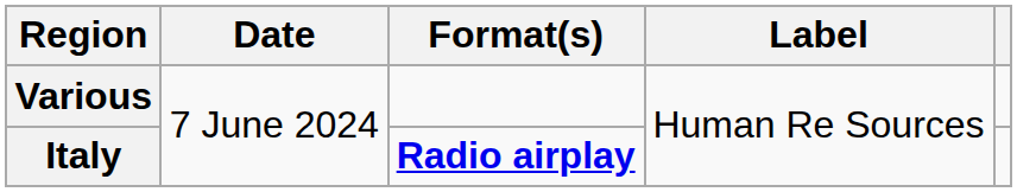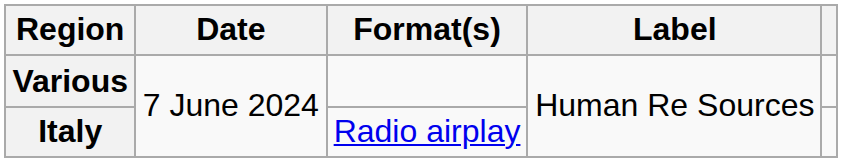 <table class="wikitable plainrowheaders">
 <tr>
 <th scope="col">Region</th>
 <th scope="col">Date</th>
 <th scope="col">Format(s)</th>
 <th scope="col">Label</th>
 <th scope="col"></th>
 </tr>
 <tr>
 <th scope="row">Various</th>
 <td rowspan="2">7 June 2024</td>
 <td></td>
 <td rowspan="2">Human Re Sources</td>
 <td style="text-align:center;"></td>
 </tr>
 <tr>
 <th scope="row">Italy</th>
-<td><strong><a href='#'>Radio airplay</a></strong></td>
+<td><a href='#'>Radio airplay</a></td>
 <td style="text-align:center;"></td>
 </tr>
 </table>
